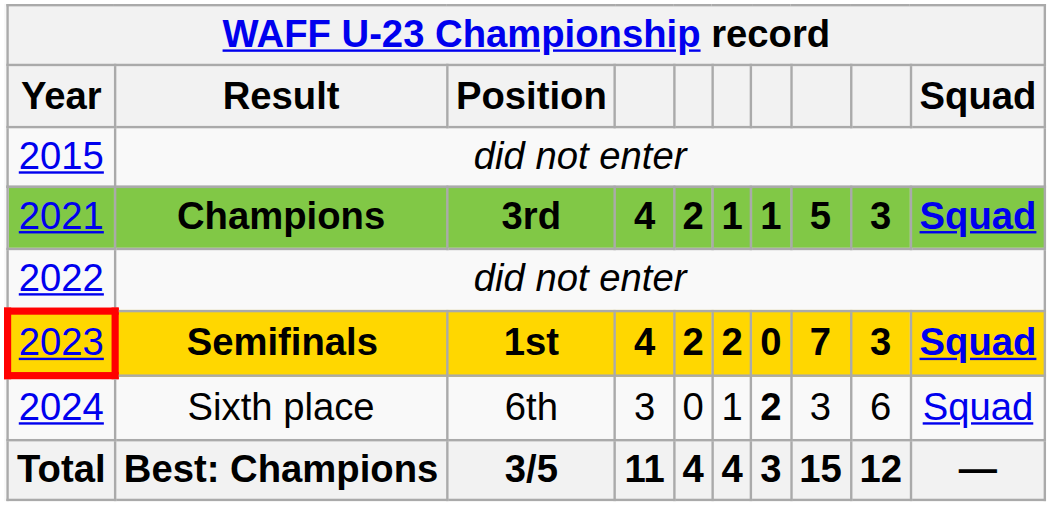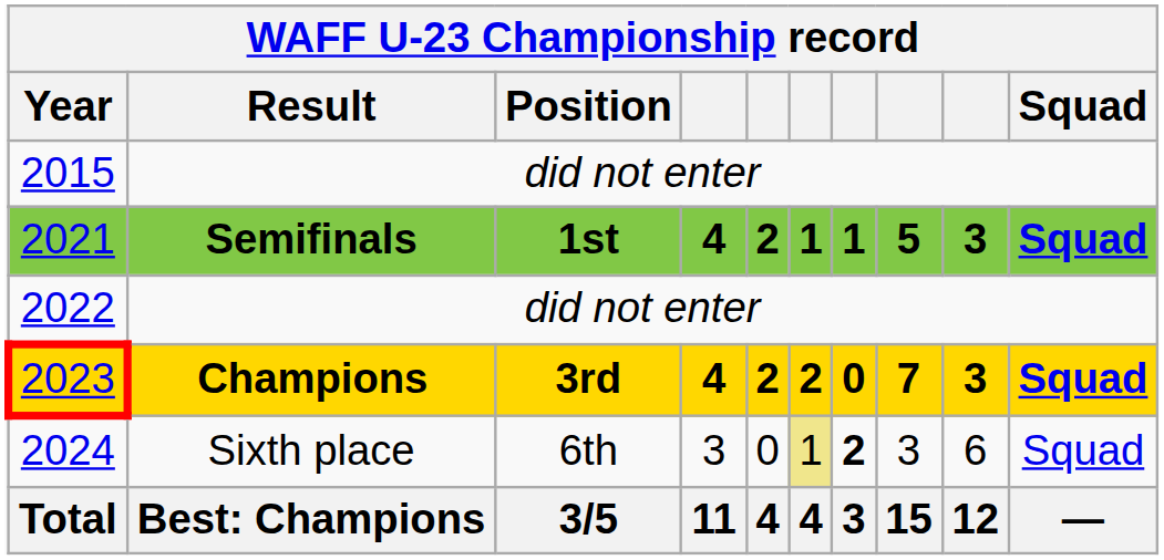 <table class="wikitable" style="text-align: center;%;">
 <tr>
 <th colspan=10><a href='#'>WAFF U-23 Championship</a> record</th>
 </tr>
 <tr>
 <th>Year</th>
 <th>Result</th>
 <th>Position</th>
 <th></th>
 <th></th>
 <th></th>
 <th></th>
 <th></th>
 <th></th>
 <th>Squad</th>
 </tr>
 <tr>
 <td> <a href='#'>2015</a></td>
 <td colspan="9"><em>did not enter</em></td>
 </tr>
 <tr>
 </tr>
 <tr bgcolor="#81c846">
 <td> <a href='#'>2021</a></td>
-<td><strong>Champions</strong></td>
-<td><strong>3rd</strong></td>
+<td><strong>Semifinals</strong></td>
+<td><strong>1st</strong></td>
 <td><strong>4</strong></td>
 <td><strong>2</strong></td>
 <td><strong>1</strong></td>
 <td><strong>1</strong></td>
 <td><strong>5</strong></td>
 <td><strong>3</strong></td>
 <td><strong><a href='#'>Squad</a></strong></td>
 </tr>
 <tr>
 <td> <a href='#'>2022</a></td>
 <td colspan="9"><em>did not enter</em></td>
 </tr>
 <tr style="background:gold;">
 <td style="border: 3px solid red"> <a href='#'>2023</a></td>
-<td><strong>Semifinals</strong></td>
-<td><strong>1st</strong></td>
+<td><strong>Champions</strong></td>
+<td><strong>3rd</strong></td>
 <td><strong>4</strong></td>
 <td><strong>2</strong></td>
 <td><strong>2</strong></td>
 <td><strong>0</strong></td>
 <td><strong>7</strong></td>
 <td><strong>3</strong></td>
 <td><strong><a href='#'>Squad</a></strong></td>
 </tr>
 <tr>
 <td> <a href='#'>2024</a></td>
 <td>Sixth place</td>
 <td>6th</td>
 <td>3</td>
 <td>0</td>
-<td>1</td>
+<td style="background: khaki;">1</td>
 <td><strong>2</strong></td>
 <td>3</td>
 <td>6</td>
 <td><a href='#'>Squad</a></td>
 </tr>
 <tr>
 <th>Total</th>
 <th>Best: Champions</th>
 <th>3/5</th>
 <th>11</th>
 <th>4</th>
 <th>4</th>
 <th>3</th>
 <th>15</th>
 <th>12</th>
 <th>—</th>
 </tr>
 </table>
